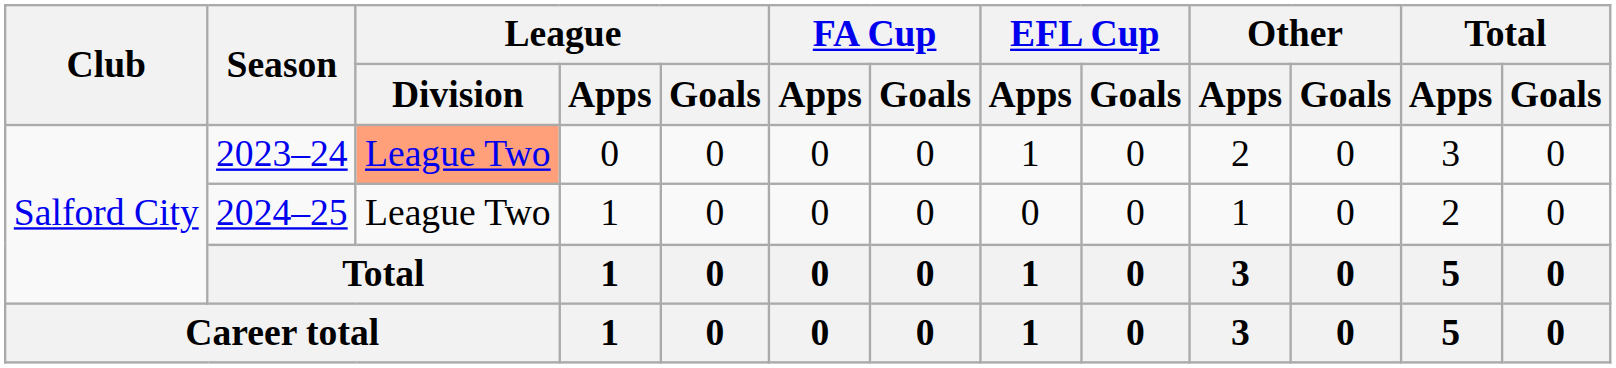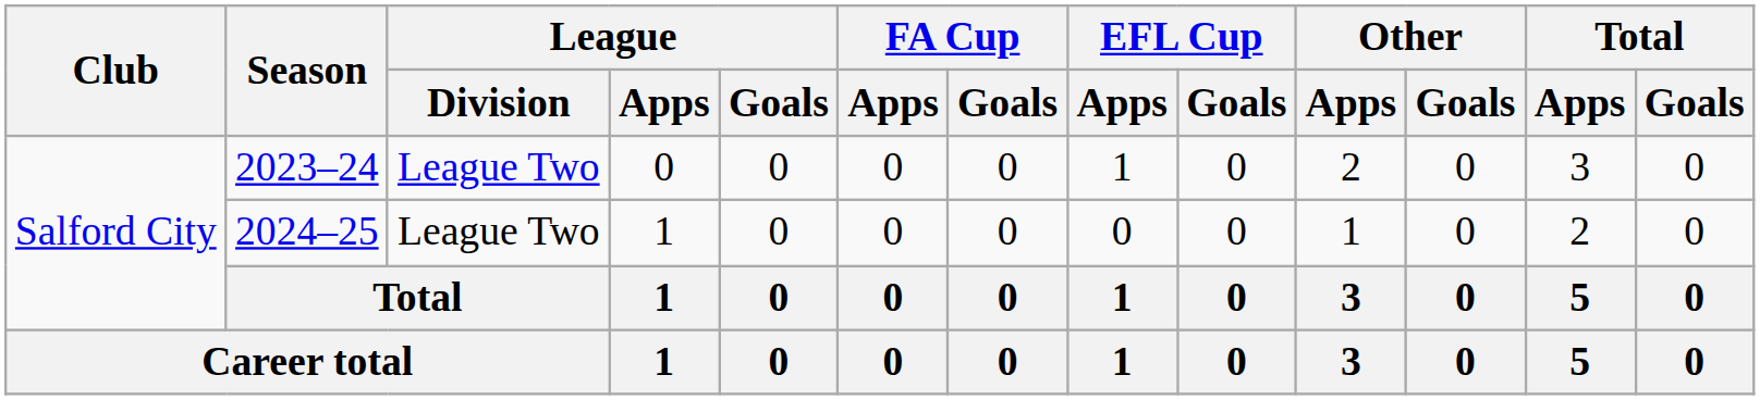 <table class="wikitable" style="text-align:center;">
 <tr>
 <th rowspan="2">Club</th>
 <th rowspan="2">Season</th>
 <th colspan="3">League</th>
 <th colspan="2"><a href='#'>FA Cup</a></th>
 <th colspan="2"><a href='#'>EFL Cup</a></th>
 <th colspan="2">Other</th>
 <th colspan="2">Total</th>
 </tr>
 <tr>
 <th>Division</th>
 <th>Apps</th>
 <th>Goals</th>
 <th>Apps</th>
 <th>Goals</th>
 <th>Apps</th>
 <th>Goals</th>
 <th>Apps</th>
 <th>Goals</th>
 <th>Apps</th>
 <th>Goals</th>
 </tr>
 <tr>
 <td rowspan=3><a href='#'>Salford City</a></td>
 <td><a href='#'>2023–24</a></td>
-<td style="background: lightsalmon;"><a href='#'>League Two</a></td>
+<td><a href='#'>League Two</a></td>
 <td>0</td>
 <td>0</td>
 <td>0</td>
 <td>0</td>
 <td>1</td>
 <td>0</td>
 <td>2</td>
 <td>0</td>
 <td>3</td>
 <td>0</td>
 </tr>
 <tr>
 <td><a href='#'>2024–25</a></td>
 <td>League Two</td>
 <td>1</td>
 <td>0</td>
 <td>0</td>
 <td>0</td>
 <td>0</td>
 <td>0</td>
 <td>1</td>
 <td>0</td>
 <td>2</td>
 <td>0</td>
 </tr>
 <tr>
 <th colspan="2">Total</th>
 <th>1</th>
 <th>0</th>
 <th>0</th>
 <th>0</th>
 <th>1</th>
 <th>0</th>
 <th>3</th>
 <th>0</th>
 <th>5</th>
 <th>0</th>
 </tr>
 <tr>
 <th colspan="3">Career total</th>
 <th>1</th>
 <th>0</th>
 <th>0</th>
 <th>0</th>
 <th>1</th>
 <th>0</th>
 <th>3</th>
 <th>0</th>
 <th>5</th>
 <th>0</th>
 </tr>
 </table>
